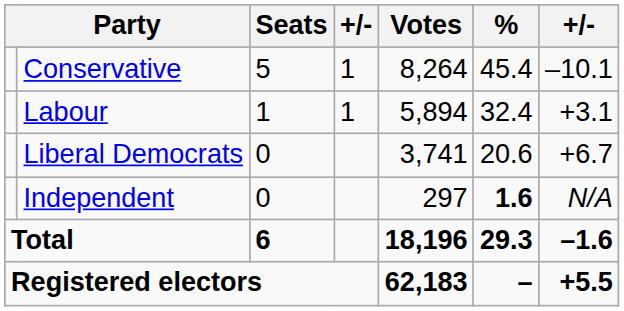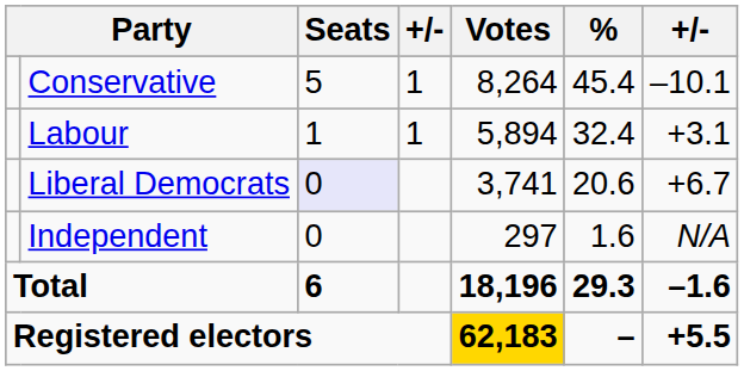 <table class="wikitable sortable">
 <tr>
 <th colspan="2">Party</th>
 <th>Seats</th>
 <th>+/-</th>
 <th>Votes</th>
 <th>%</th>
 <th>+/-</th>
 </tr>
 <tr>
 <td style="background-color: "></td>
 <td><a href='#'>Conservative</a></td>
 <td>5</td>
 <td> 1</td>
 <td style="text-align:right;">8,264</td>
 <td style="text-align:right;">45.4</td>
 <td style="text-align:right;">–10.1</td>
 </tr>
 <tr>
 <td style="background-color: "></td>
 <td><a href='#'>Labour</a></td>
 <td>1</td>
 <td> 1</td>
 <td style="text-align:right;">5,894</td>
 <td style="text-align:right;">32.4</td>
 <td style="text-align:right;">+3.1</td>
 </tr>
 <tr>
 <td style="background-color: "></td>
 <td><a href='#'>Liberal Democrats</a></td>
-<td>0</td>
+<td style="background: lavender;">0</td>
 <td></td>
 <td style="text-align:right;">3,741</td>
 <td style="text-align:right;">20.6</td>
 <td style="text-align:right;">+6.7</td>
 </tr>
 <tr>
 <td style="background-color: "></td>
 <td><a href='#'>Independent</a></td>
 <td>0</td>
 <td></td>
 <td style="text-align:right;">297</td>
-<td style="text-align:right;"><strong>1.6</strong></td>
+<td style="text-align:right;">1.6</td>
 <td style="text-align:right;"><em>N/A</em></td>
 </tr>
 <tr>
 <td colspan="2"><strong>Total</strong></td>
 <td><strong>6</strong></td>
 <td></td>
 <td style="text-align:right;"><strong>18,196</strong></td>
 <td style="text-align:right;"><strong>29.3</strong></td>
 <td style="text-align:right;"><strong>–1.6</strong></td>
 </tr>
 <tr>
 <td colspan="4"><strong>Registered electors</strong></td>
-<td style="text-align:right;"><strong>62,183</strong></td>
+<td style="background: gold; text-align:right;"><strong>62,183</strong></td>
 <td style="text-align:right;"><strong>–</strong></td>
 <td style="text-align:right;"><strong>+5.5</strong></td>
 </tr>
 </table>
